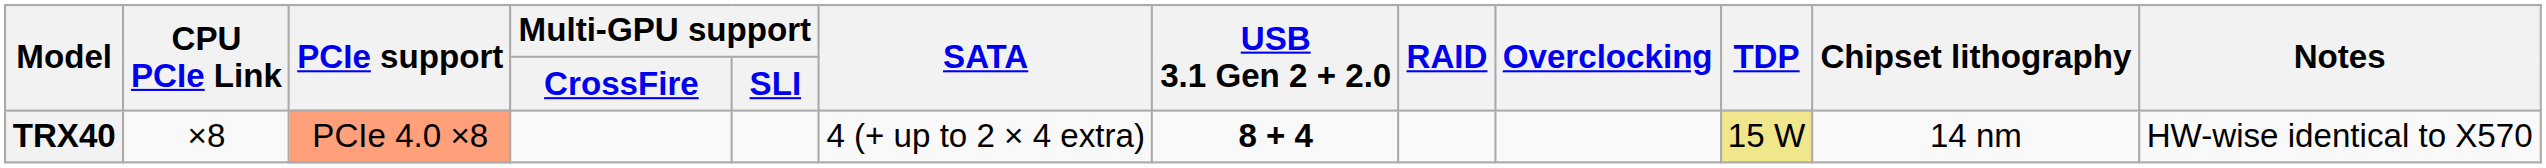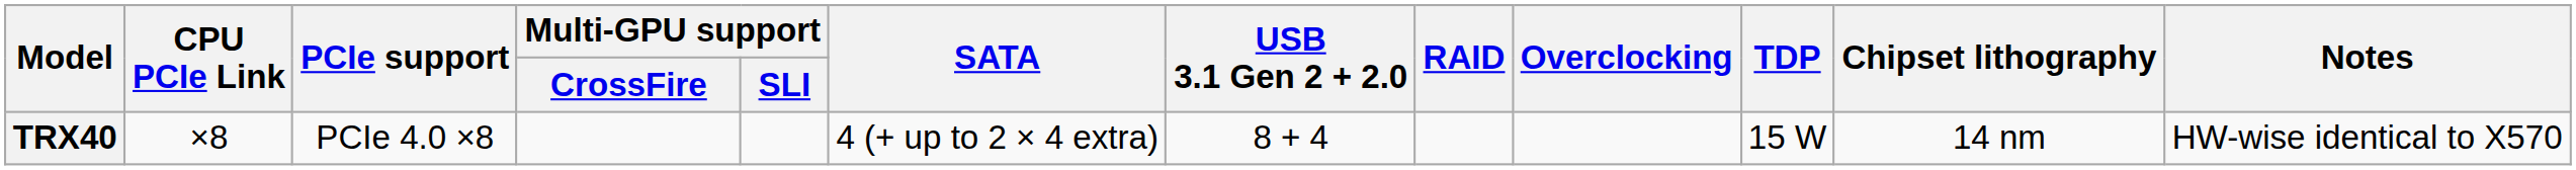 <table class="wikitable" style="text-align: center">
 <tr>
 <th rowspan=2>Model</th>
 <th rowspan=2>CPU<br><a href='#'>PCIe</a> Link</th>
 <th rowspan="2"><a href='#'>PCIe</a> support</th>
 <th colspan="2">Multi-GPU support</th>
 <th rowspan=2><a href='#'>SATA</a></th>
 <th rowspan=2><a href='#'>USB</a><br>3.1 Gen 2 + 2.0</th>
 <th rowspan=2><a href='#'>RAID</a></th>
 <th rowspan=2><a href='#'>Overclocking</a></th>
 <th rowspan=2><a href='#'>TDP</a></th>
 <th rowspan=2>Chipset lithography</th>
 <th rowspan=2>Notes</th>
 </tr>
 <tr>
 <th><a href='#'>CrossFire</a></th>
 <th><a href='#'>SLI</a></th>
 </tr>
 <tr>
 <th style="text-align: left">TRX40</th>
 <td>×8</td>
-<td style="background: lightsalmon;">PCIe 4.0 ×8</td>
+<td>PCIe 4.0 ×8</td>
 <td></td>
 <td></td>
 <td>4 (+ up to 2 × 4 extra)</td>
-<td><strong>8 + 4</strong></td>
+<td>8 + 4</td>
 <td></td>
 <td></td>
-<td style="background: khaki;">15 W</td>
+<td>15 W</td>
 <td>14 nm</td>
 <td>HW-wise identical to X570</td>
 </tr>
 </table>
